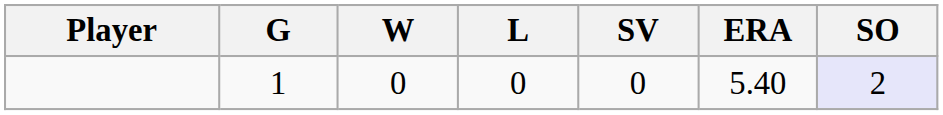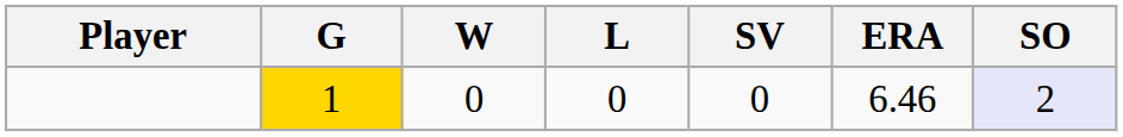 <table class="wikitable sortable">
 <tr>
 <th bgcolor="#DDDDFF" width="16%">Player</th>
 <th bgcolor="#DDDDFF" width="9%">G</th>
 <th bgcolor="#DDDDFF" width="9%">W</th>
 <th bgcolor="#DDDDFF" width="9%">L</th>
 <th bgcolor="#DDDDFF" width="9%">SV</th>
 <th bgcolor="#DDDDFF" width="9%">ERA</th>
 <th bgcolor="#DDDDFF" width="9%">SO</th>
 </tr>
 <tr align="center">
 <td></td>
-<td>1</td>
+<td style="background: gold;">1</td>
 <td>0</td>
 <td>0</td>
 <td>0</td>
-<td>5.40</td>
+<td>6.46</td>
 <td style="background: lavender;">2</td>
 </tr>
 </table>
